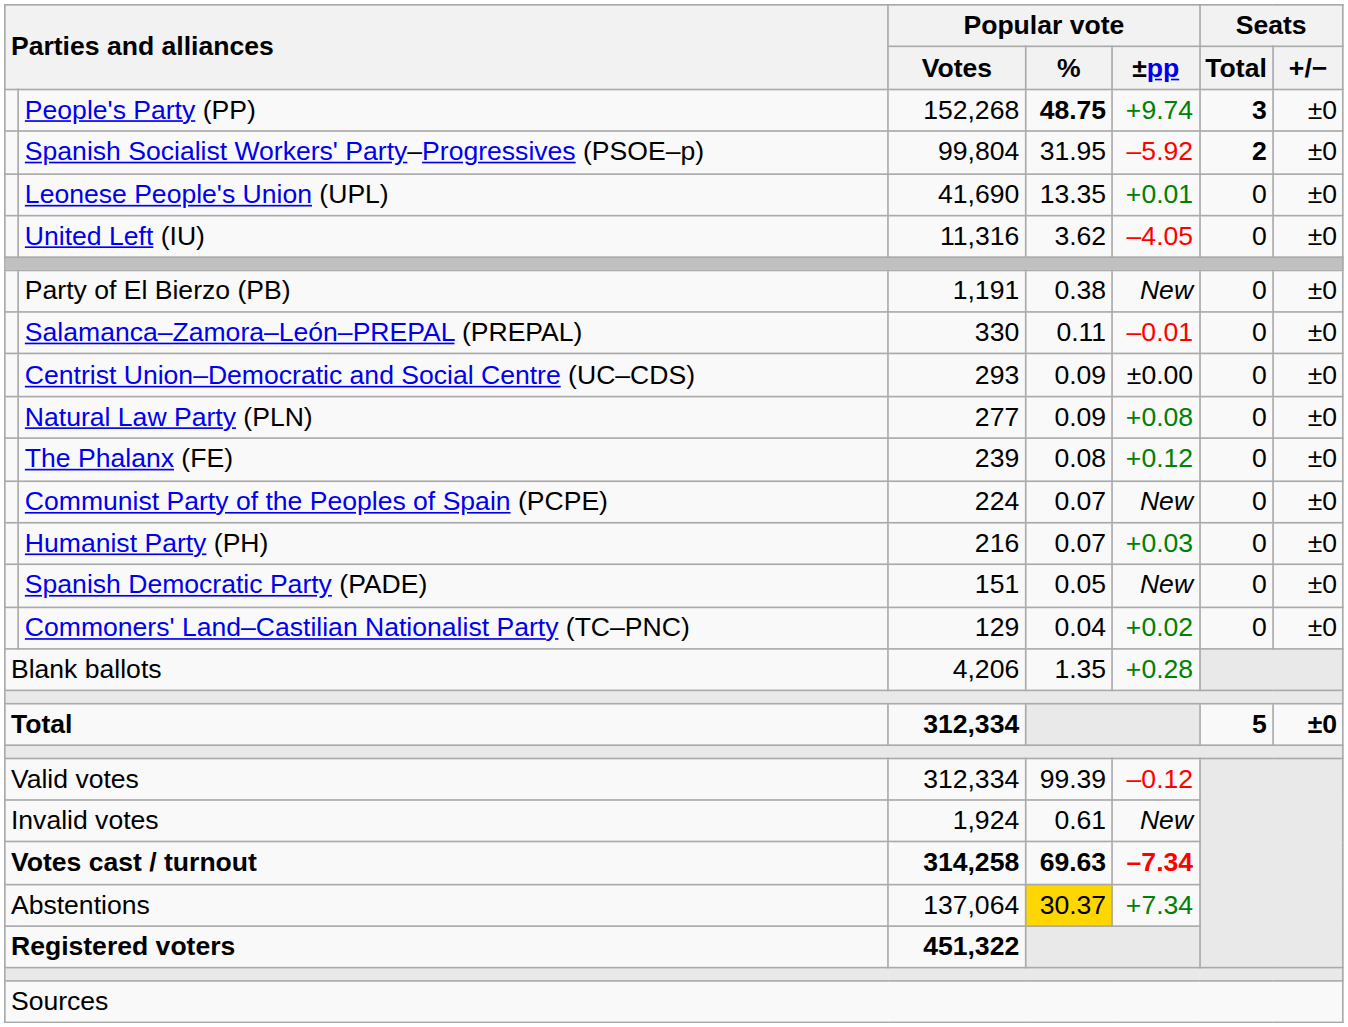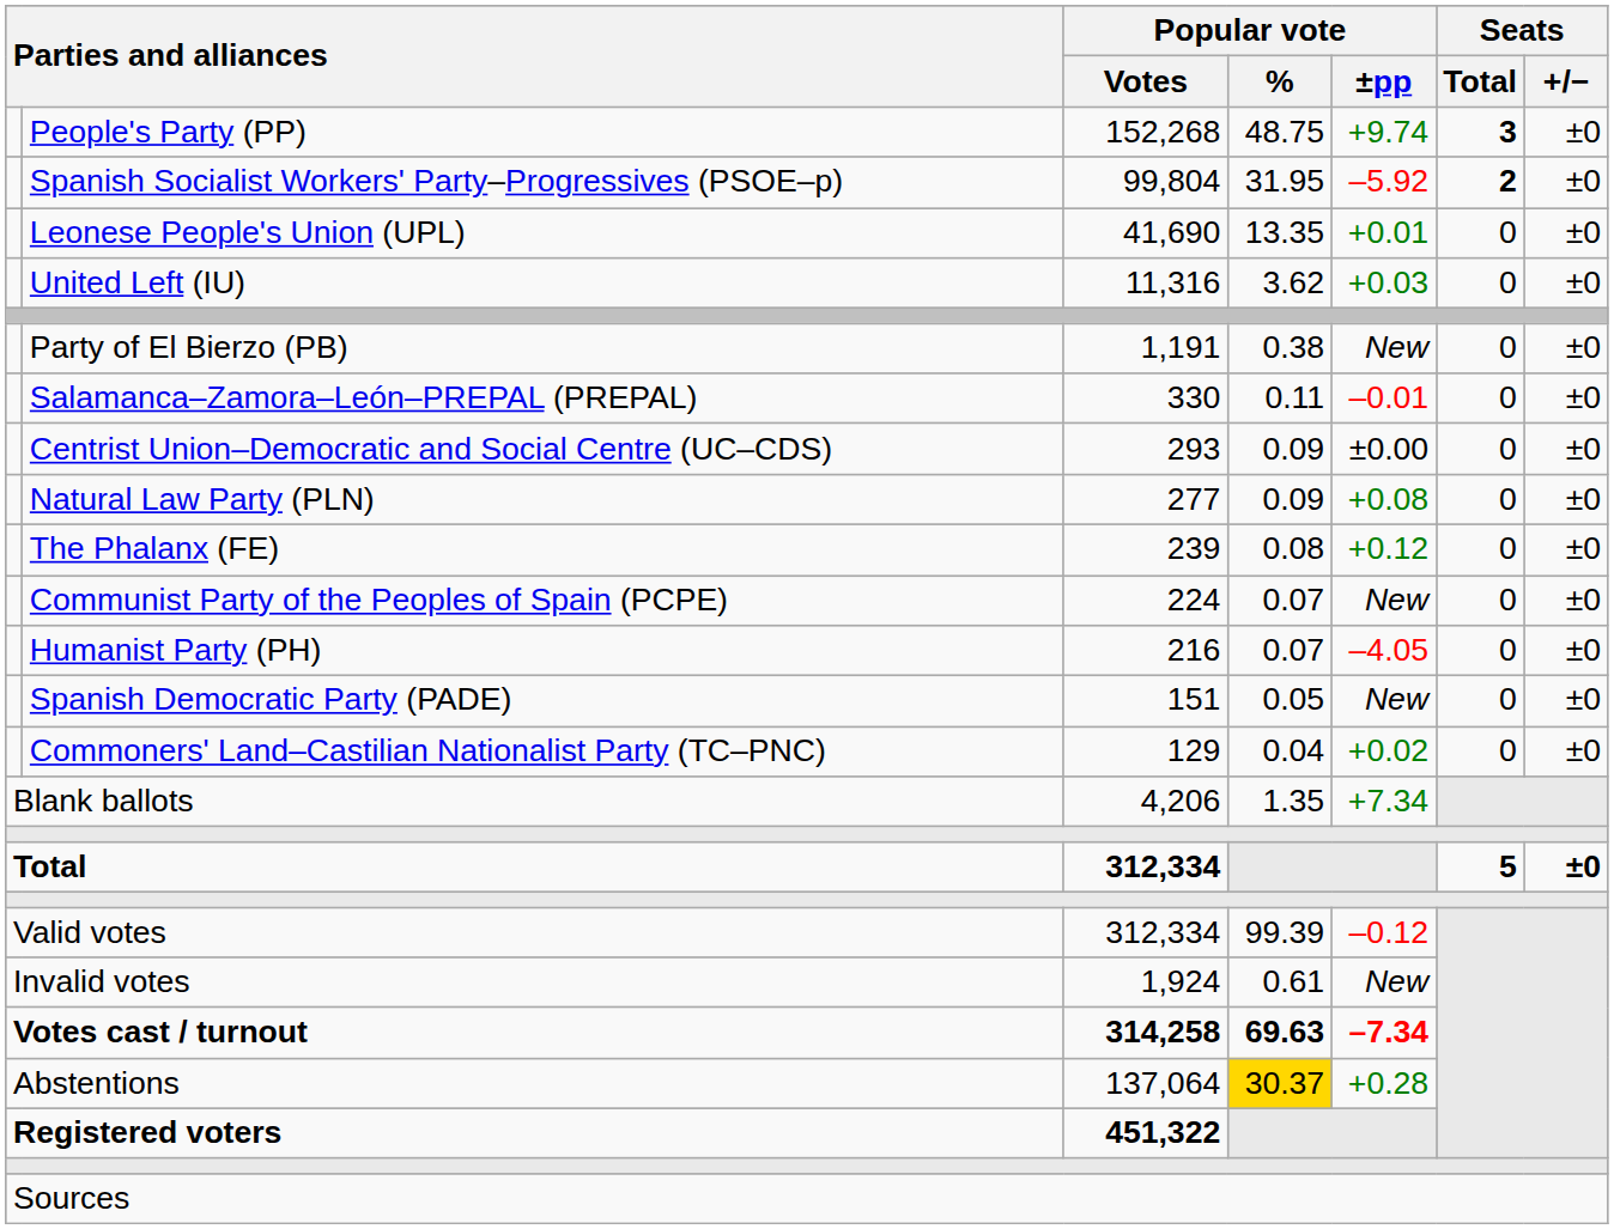 <table class="wikitable" style="text-align:right;">
 <tr>
 <th style="text-align:left;" rowspan="2" colspan="2" width="525">Parties and alliances</th>
 <th colspan="3">Popular vote</th>
 <th colspan="2">Seats</th>
 </tr>
 <tr>
 <th width="75">Votes</th>
 <th width="45">%</th>
 <th width="45">±<a href='#'>pp</a></th>
 <th width="35">Total</th>
 <th width="35">+/−</th>
 </tr>
 <tr>
 <td width="1" style="color:inherit;background:"></td>
 <td align="left"><a href='#'>People's Party</a> (PP)</td>
 <td>152,268</td>
-<td><strong>48.75</strong></td>
+<td>48.75</td>
 <td style="color:green;">+9.74</td>
 <td><strong>3</strong></td>
 <td>±0</td>
 </tr>
 <tr>
 <td style="color:inherit;background:"></td>
 <td align="left"><a href='#'>Spanish Socialist Workers' Party</a>–<a href='#'>Progressives</a> (PSOE–p)</td>
 <td>99,804</td>
 <td>31.95</td>
 <td style="color:red;">–5.92</td>
 <td><strong>2</strong></td>
 <td>±0</td>
 </tr>
 <tr>
 <td style="color:inherit;background:"></td>
 <td align="left"><a href='#'>Leonese People's Union</a> (UPL)</td>
 <td>41,690</td>
 <td>13.35</td>
 <td style="color:green;">+0.01</td>
 <td>0</td>
 <td>±0</td>
 </tr>
 <tr>
 <td style="color:inherit;background:"></td>
 <td align="left"><a href='#'>United Left</a> (IU)</td>
 <td>11,316</td>
 <td>3.62</td>
-<td style="color:red;">–4.05</td>
+<td style="color:green;">+0.03</td>
 <td>0</td>
 <td>±0</td>
 </tr>
 <tr>
 <td colspan="7" bgcolor="#C0C0C0"></td>
 </tr>
 <tr>
 <td style="color:inherit;background:"></td>
 <td align="left">Party of El Bierzo (PB)</td>
 <td>1,191</td>
 <td>0.38</td>
 <td><em>New</em></td>
 <td>0</td>
 <td>±0</td>
 </tr>
 <tr>
 <td style="color:inherit;background:"></td>
 <td align="left"><a href='#'>Salamanca–Zamora–León–PREPAL</a> (PREPAL)</td>
 <td>330</td>
 <td>0.11</td>
 <td style="color:red;">–0.01</td>
 <td>0</td>
 <td>±0</td>
 </tr>
 <tr>
 <td style="color:inherit;background:"></td>
 <td align="left"><a href='#'>Centrist Union–Democratic and Social Centre</a> (UC–CDS)</td>
 <td>293</td>
 <td>0.09</td>
 <td>±0.00</td>
 <td>0</td>
 <td>±0</td>
 </tr>
 <tr>
 <td style="color:inherit;background:"></td>
 <td align="left"><a href='#'>Natural Law Party</a> (PLN)</td>
 <td>277</td>
 <td>0.09</td>
 <td style="color:green;">+0.08</td>
 <td>0</td>
 <td>±0</td>
 </tr>
 <tr>
 <td style="color:inherit;background:"></td>
 <td align="left"><a href='#'>The Phalanx</a> (FE)</td>
 <td>239</td>
 <td>0.08</td>
 <td style="color:green;">+0.12</td>
 <td>0</td>
 <td>±0</td>
 </tr>
 <tr>
 <td style="color:inherit;background:"></td>
 <td align="left"><a href='#'>Communist Party of the Peoples of Spain</a> (PCPE)</td>
 <td>224</td>
 <td>0.07</td>
 <td><em>New</em></td>
 <td>0</td>
 <td>±0</td>
 </tr>
 <tr>
 <td style="color:inherit;background:"></td>
 <td align="left"><a href='#'>Humanist Party</a> (PH)</td>
 <td>216</td>
 <td>0.07</td>
-<td style="color:green;">+0.03</td>
+<td style="color:red;">–4.05</td>
 <td>0</td>
 <td>±0</td>
 </tr>
 <tr>
 <td style="color:inherit;background:"></td>
 <td align="left"><a href='#'>Spanish Democratic Party</a> (PADE)</td>
 <td>151</td>
 <td>0.05</td>
 <td><em>New</em></td>
 <td>0</td>
 <td>±0</td>
 </tr>
 <tr>
 <td style="color:inherit;background:"></td>
 <td align="left"><a href='#'>Commoners' Land–Castilian Nationalist Party</a> (TC–PNC)</td>
 <td>129</td>
 <td>0.04</td>
 <td style="color:green;">+0.02</td>
 <td>0</td>
 <td>±0</td>
 </tr>
 <tr>
 <td align="left" colspan="2">Blank ballots</td>
 <td>4,206</td>
 <td>1.35</td>
-<td style="color:green;">+0.28</td>
+<td style="color:green;">+7.34</td>
 <td bgcolor="#E9E9E9" colspan="2"></td>
 </tr>
 <tr>
 <td colspan="7" bgcolor="#E9E9E9"></td>
 </tr>
 <tr style="font-weight:bold;">
 <td align="left" colspan="2">Total</td>
 <td>312,334</td>
 <td bgcolor="#E9E9E9" colspan="2"></td>
 <td>5</td>
 <td>±0</td>
 </tr>
 <tr>
 <td colspan="7" bgcolor="#E9E9E9"></td>
 </tr>
 <tr>
 <td align="left" colspan="2">Valid votes</td>
 <td>312,334</td>
 <td>99.39</td>
 <td style="color:red;">–0.12</td>
 <td bgcolor="#E9E9E9" colspan="2" rowspan="5"></td>
 </tr>
 <tr>
 <td align="left" colspan="2">Invalid votes</td>
 <td>1,924</td>
 <td>0.61</td>
 <td><em>New</em></td>
 </tr>
 <tr style="font-weight:bold;">
 <td align="left" colspan="2">Votes cast / turnout</td>
 <td>314,258</td>
 <td>69.63</td>
 <td style="color:red;">–7.34</td>
 </tr>
 <tr>
 <td align="left" colspan="2">Abstentions</td>
 <td>137,064</td>
 <td style="background: gold;">30.37</td>
-<td style="color:green;">+7.34</td>
+<td style="color:green;">+0.28</td>
 </tr>
 <tr style="font-weight:bold;">
 <td align="left" colspan="2">Registered voters</td>
 <td>451,322</td>
 <td bgcolor="#E9E9E9" colspan="2"></td>
 </tr>
 <tr>
 <td colspan="7" bgcolor="#E9E9E9"></td>
 </tr>
 <tr>
 <td align="left" colspan="7">Sources</td>
 </tr>
 </table>
